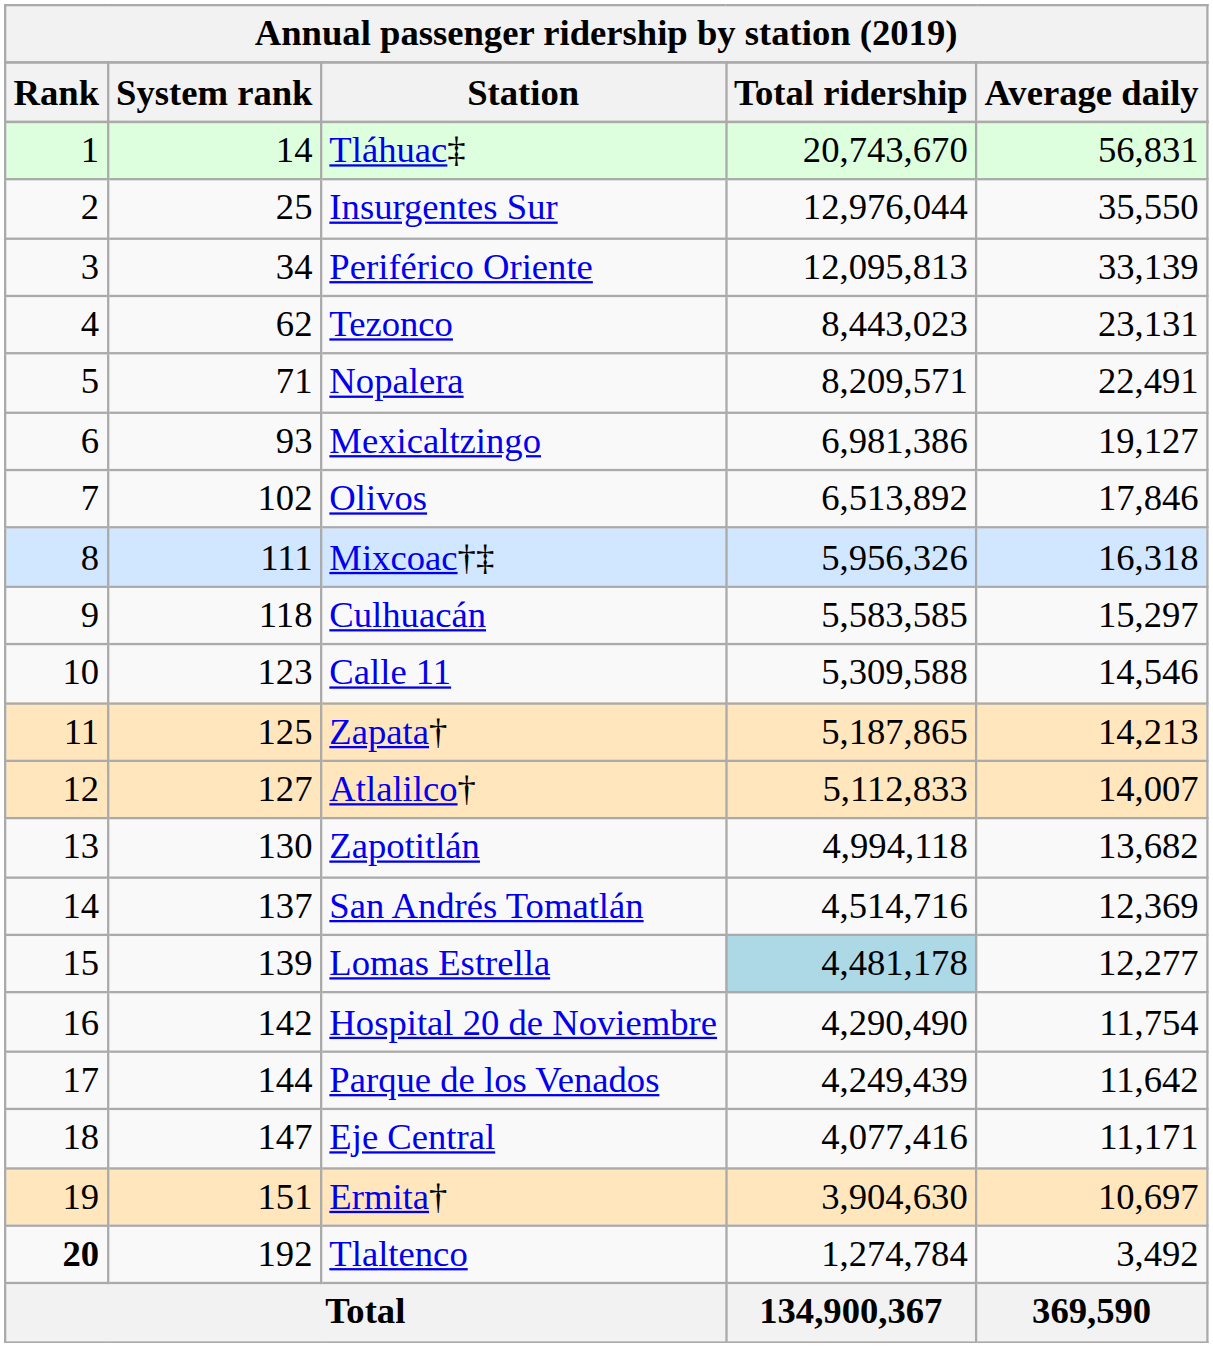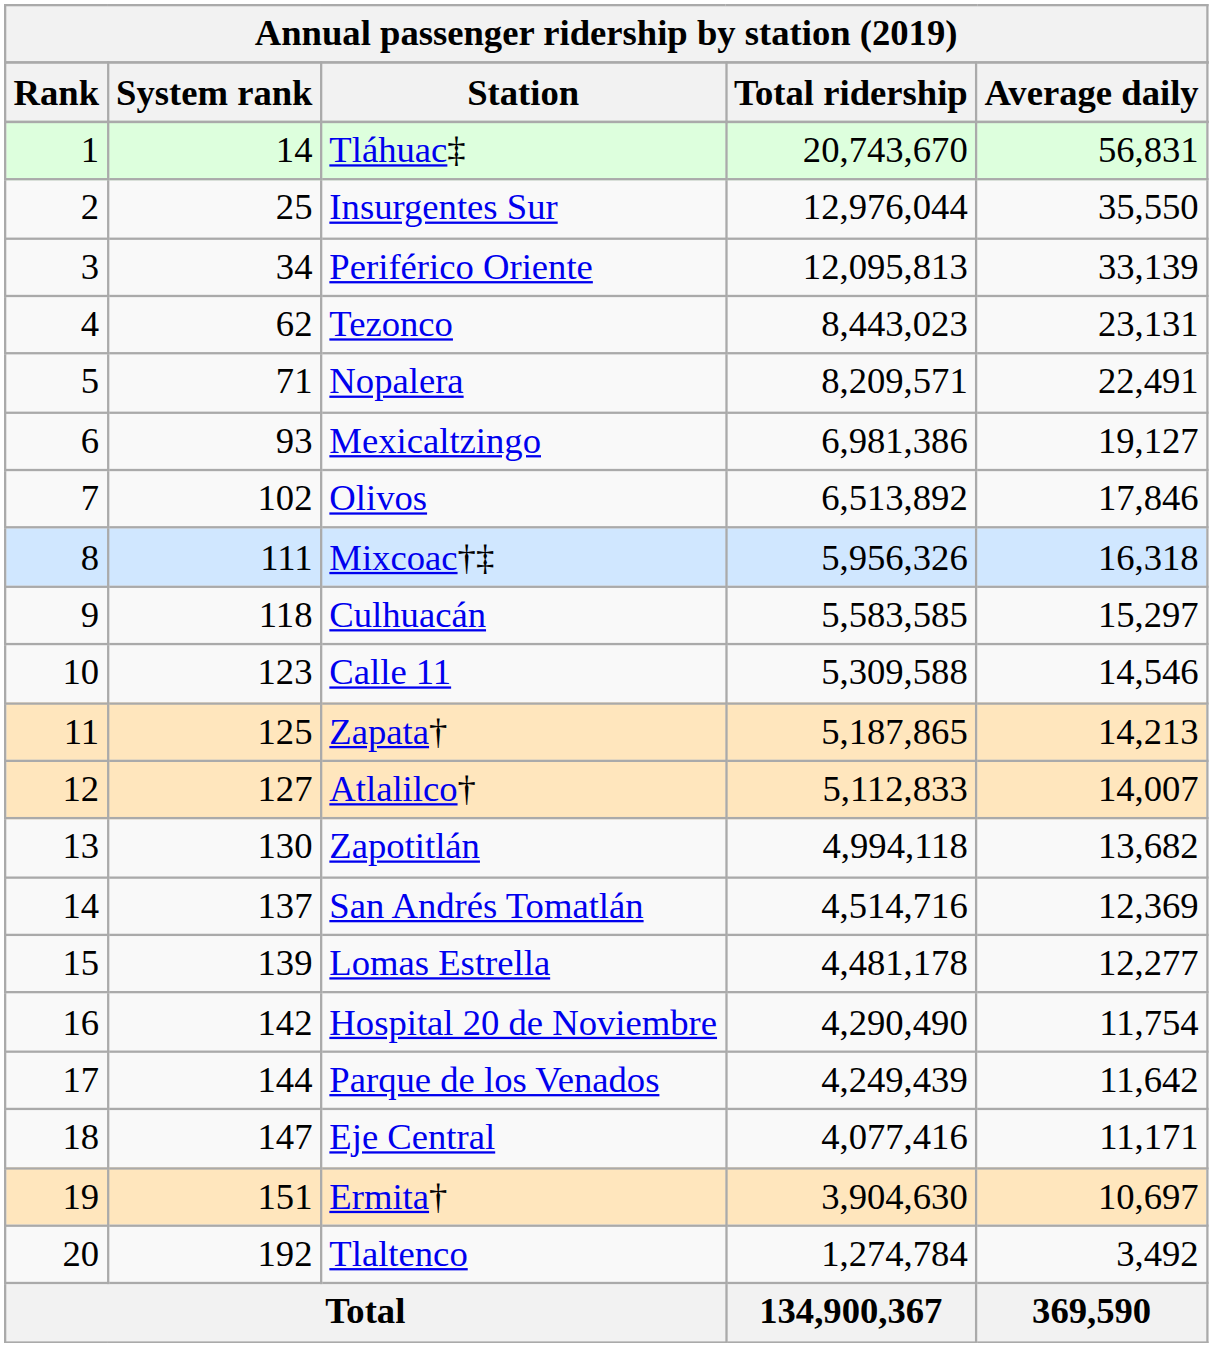 <table class="wikitable sortable" style="text-align:right">
 <tr>
 <th colspan="6" style="background-color:#">Annual passenger ridership by station (2019)</th>
 </tr>
 <tr style="font-size:95%; text-align:center">
 </tr>
 <tr>
 <th>Rank</th>
 <th>System rank</th>
 <th>Station</th>
 <th>Total ridership</th>
 <th>Average daily</th>
 </tr>
 <tr style="background-color:#D0E7FF">
 </tr>
 <tr style="background-color:#DDFFDD">
 <td>1</td>
 <td>14</td>
 <td align=left><a href='#'>Tláhuac</a>‡</td>
 <td>20,743,670</td>
 <td>56,831</td>
 </tr>
 <tr>
 <td>2</td>
 <td>25</td>
 <td align=left><a href='#'>Insurgentes Sur</a></td>
 <td>12,976,044</td>
 <td>35,550</td>
 </tr>
 <tr>
 <td>3</td>
 <td>34</td>
 <td align=left><a href='#'>Periférico Oriente</a></td>
 <td>12,095,813</td>
 <td>33,139</td>
 </tr>
 <tr>
 <td>4</td>
 <td>62</td>
 <td align=left><a href='#'>Tezonco</a></td>
 <td>8,443,023</td>
 <td>23,131</td>
 </tr>
 <tr>
 <td>5</td>
 <td>71</td>
 <td align=left><a href='#'>Nopalera</a></td>
 <td>8,209,571</td>
 <td>22,491</td>
 </tr>
 <tr>
 <td>6</td>
 <td>93</td>
 <td align=left><a href='#'>Mexicaltzingo</a></td>
 <td>6,981,386</td>
 <td>19,127</td>
 </tr>
 <tr>
 <td>7</td>
 <td>102</td>
 <td align=left><a href='#'>Olivos</a></td>
 <td>6,513,892</td>
 <td>17,846</td>
 </tr>
 <tr style="background-color:#D0E7FF">
 <td>8</td>
 <td>111</td>
 <td align=left><a href='#'>Mixcoac</a>†‡</td>
 <td>5,956,326</td>
 <td>16,318</td>
 </tr>
 <tr>
 <td>9</td>
 <td>118</td>
 <td align=left><a href='#'>Culhuacán</a></td>
 <td>5,583,585</td>
 <td>15,297</td>
 </tr>
 <tr>
 <td>10</td>
 <td>123</td>
 <td align=left><a href='#'>Calle 11</a></td>
 <td>5,309,588</td>
 <td>14,546</td>
 </tr>
 <tr style="background-color:#FFE6BD">
 <td>11</td>
 <td>125</td>
 <td align=left><a href='#'>Zapata</a>†</td>
 <td>5,187,865</td>
 <td>14,213</td>
 </tr>
 <tr style="background-color:#FFE6BD">
 <td>12</td>
 <td>127</td>
 <td align=left><a href='#'>Atlalilco</a>†</td>
 <td>5,112,833</td>
 <td>14,007</td>
 </tr>
 <tr>
 <td>13</td>
 <td>130</td>
 <td align=left><a href='#'>Zapotitlán</a></td>
 <td>4,994,118</td>
 <td>13,682</td>
 </tr>
 <tr>
 <td>14</td>
 <td>137</td>
 <td align=left><a href='#'>San Andrés Tomatlán</a></td>
 <td>4,514,716</td>
 <td>12,369</td>
 </tr>
 <tr>
 <td>15</td>
 <td>139</td>
 <td align=left><a href='#'>Lomas Estrella</a></td>
-<td style="background: lightblue;">4,481,178</td>
+<td>4,481,178</td>
 <td>12,277</td>
 </tr>
 <tr>
 <td>16</td>
 <td>142</td>
 <td align=left><a href='#'>Hospital 20 de Noviembre</a></td>
 <td>4,290,490</td>
 <td>11,754</td>
 </tr>
 <tr>
 <td>17</td>
 <td>144</td>
 <td align=left><a href='#'>Parque de los Venados</a></td>
 <td>4,249,439</td>
 <td>11,642</td>
 </tr>
 <tr>
 <td>18</td>
 <td>147</td>
 <td align=left><a href='#'>Eje Central</a></td>
 <td>4,077,416</td>
 <td>11,171</td>
 </tr>
 <tr style="background-color:#FFE6BD">
 <td>19</td>
 <td>151</td>
 <td align=left><a href='#'>Ermita</a>†</td>
 <td>3,904,630</td>
 <td>10,697</td>
 </tr>
 <tr>
-<td><strong>20</strong></td>
+<td>20</td>
 <td>192</td>
 <td align=left><a href='#'>Tlaltenco</a></td>
 <td>1,274,784</td>
 <td>3,492</td>
 </tr>
 <tr>
 <th colspan=3>Total</th>
 <th>134,900,367</th>
 <th>369,590</th>
 </tr>
 </table>
